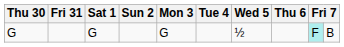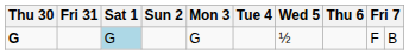 <table class="wikitable olympic-schedule basketball">
 <tr>
 <th>Thu 30</th>
 <th>Fri 31</th>
 <th>Sat 1</th>
 <th>Sun 2</th>
 <th>Mon 3</th>
 <th>Tue 4</th>
 <th>Wed 5</th>
 <th>Thu 6</th>
 <th colspan="2">Fri 7</th>
 </tr>
 <tr>
-<td class="team-group">G</td>
+<td class="team-group"><strong>G</strong></td>
 <td></td>
-<td class="team-group">G</td>
+<td class="team-group" style="background: lightblue;">G</td>
 <td></td>
 <td class="team-group">G</td>
 <td></td>
 <td class="team-sf">½</td>
 <td></td>
-<td class="team-final" style="background: paleturquoise;">F</td>
+<td class="team-final">F</td>
 <td class="team-bronze">B</td>
 </tr>
 </table>
